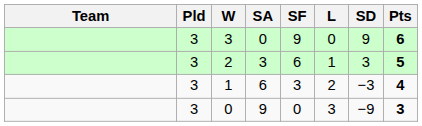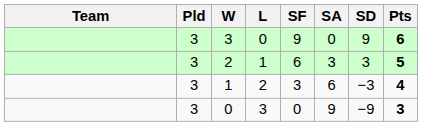 <table class="wikitable" style="text-align: center;">
 <tr>
 <th width=180>Team</th>
 <th width=30>Pld</th>
 <th width=30>W</th>
+<th width=30>L</th>
+<th width=30>SF</th>
 <th width=30>SA</th>
-<th width=30>SF</th>
-<th width=30>L</th>
 <th width=30>SD</th>
 <th width=30>Pts</th>
 </tr>
 <tr bgcolor=#CCFFCC>
 <td style="text-align:left;"></td>
 <td>3</td>
 <td>3</td>
 <td>0</td>
 <td>9</td>
 <td>0</td>
 <td>9</td>
 <td><strong>6</strong></td>
 </tr>
 <tr bgcolor=#CCFFCC>
 <td style="text-align:left;"></td>
 <td>3</td>
 <td>2</td>
+<td>1</td>
+<td>6</td>
 <td>3</td>
-<td>6</td>
-<td>1</td>
 <td>3</td>
 <td><strong>5</strong></td>
 </tr>
 <tr>
 <td style="text-align:left;"></td>
 <td>3</td>
 <td>1</td>
+<td>2</td>
+<td>3</td>
 <td>6</td>
-<td>3</td>
-<td>2</td>
 <td>−3</td>
 <td><strong>4</strong></td>
 </tr>
 <tr>
 <td style="text-align:left;"></td>
 <td>3</td>
 <td>0</td>
+<td>3</td>
+<td>0</td>
 <td>9</td>
-<td>0</td>
-<td>3</td>
 <td>−9</td>
 <td><strong>3</strong></td>
 </tr>
 </table>
